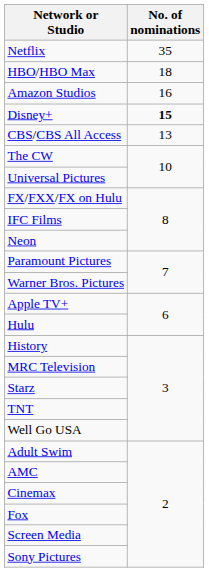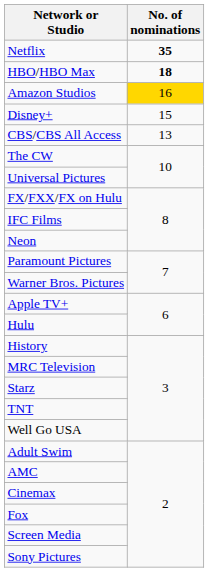 <table class="wikitable">
 <tr>
 <th>Network or<br>Studio</th>
 <th>No. of<br>nominations</th>
 </tr>
 <tr>
 <td><a href='#'>Netflix</a></td>
-<td style="text-align:center">35</td>
+<td style="text-align:center"><strong>35</strong></td>
 </tr>
 <tr>
 <td><a href='#'>HBO</a>/<a href='#'>HBO Max</a></td>
-<td style="text-align:center">18</td>
+<td style="text-align:center"><strong>18</strong></td>
 </tr>
 <tr>
 <td><a href='#'>Amazon Studios</a></td>
-<td style="text-align:center">16</td>
+<td style="background: gold; text-align:center">16</td>
 </tr>
 <tr>
 <td><a href='#'>Disney+</a></td>
-<td style="text-align:center"><strong>15</strong></td>
+<td style="text-align:center">15</td>
 </tr>
 <tr>
 <td><a href='#'>CBS</a>/<a href='#'>CBS All Access</a></td>
 <td style="text-align:center">13</td>
 </tr>
 <tr>
 <td><a href='#'>The CW</a></td>
 <td style="text-align:center" rowspan="2">10</td>
 </tr>
 <tr>
 <td><a href='#'>Universal Pictures</a></td>
 </tr>
 <tr>
 <td><a href='#'>FX</a>/<a href='#'>FXX</a>/<a href='#'>FX on Hulu</a></td>
 <td style="text-align:center" rowspan="3">8</td>
 </tr>
 <tr>
 <td><a href='#'>IFC Films</a></td>
 </tr>
 <tr>
 <td><a href='#'>Neon</a></td>
 </tr>
 <tr>
 <td><a href='#'>Paramount Pictures</a></td>
 <td style="text-align:center" rowspan="2">7</td>
 </tr>
 <tr>
 <td><a href='#'>Warner Bros. Pictures</a></td>
 </tr>
 <tr>
 <td><a href='#'>Apple TV+</a></td>
 <td style="text-align:center" rowspan="2">6</td>
 </tr>
 <tr>
 <td><a href='#'>Hulu</a></td>
 </tr>
 <tr>
 <td><a href='#'>History</a></td>
 <td style="text-align:center" rowspan="5">3</td>
 </tr>
 <tr>
 <td><a href='#'>MRC Television</a></td>
 </tr>
 <tr>
 <td><a href='#'>Starz</a></td>
 </tr>
 <tr>
 <td><a href='#'>TNT</a></td>
 </tr>
 <tr>
 <td>Well Go USA</td>
 </tr>
 <tr>
 <td><a href='#'>Adult Swim</a></td>
 <td style="text-align:center" rowspan="6">2</td>
 </tr>
 <tr>
 <td><a href='#'>AMC</a></td>
 </tr>
 <tr>
 <td><a href='#'>Cinemax</a></td>
 </tr>
 <tr>
 <td><a href='#'>Fox</a></td>
 </tr>
 <tr>
 <td><a href='#'>Screen Media</a></td>
 </tr>
 <tr>
 <td><a href='#'>Sony Pictures</a></td>
 </tr>
 </table>
